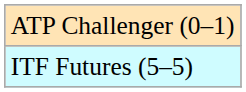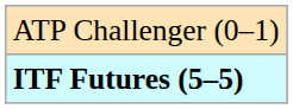 <table class=wikitable style=font-size:97%>
 <tr bgcolor=moccasin>
 <td>ATP Challenger (0–1)</td>
 </tr>
 <tr bgcolor=cffcff>
-<td>ITF Futures (5–5)</td>
+<td><strong>ITF Futures (5–5)</strong></td>
 </tr>
 </table>
